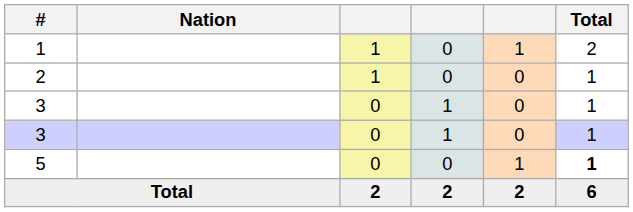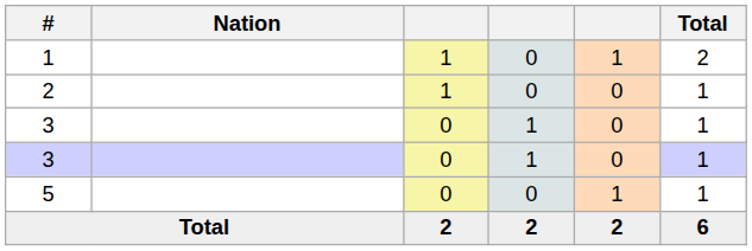 <table class=wikitable style="border:1px solid #AAAAAA;font-size:90%">
 <tr bgcolor="#EFEFEF">
 <th width=50>#</th>
 <th width=200>Nation</th>
 <th width=50></th>
 <th width=50></th>
 <th width=50></th>
 <th width=50>Total</th>
 </tr>
 <tr align="center" valign="top" bgcolor="#FFFFFF">
 <td rowspan="1" valign="center">1</td>
 <td align="left"></td>
 <td style="background:#F7F6A8;">1</td>
 <td style="background:#DCE5E5;">0</td>
 <td style="background:#FFDAB9;">1</td>
 <td>2</td>
 </tr>
 <tr align="center" valign="top" bgcolor="#FFFFFF">
 <td rowspan="1" valign="center">2</td>
 <td align="left"></td>
 <td style="background:#F7F6A8;">1</td>
 <td style="background:#DCE5E5;">0</td>
 <td style="background:#FFDAB9;">0</td>
 <td>1</td>
 </tr>
 <tr align="center" valign="top" bgcolor="#FFFFFF">
 <td valign="center">3</td>
 <td align="left"></td>
 <td style="background:#F7F6A8;">0</td>
 <td style="background:#DCE5E5;">1</td>
 <td style="background:#FFDAB9;">0</td>
 <td>1</td>
 </tr>
 <tr align="center" valign="top" bgcolor="#CFCFFF">
 <td valign="center">3</td>
 <td align="left"></td>
 <td style="background:#F7F6A8;">0</td>
 <td style="background:#DCE5E5;">1</td>
 <td style="background:#FFDAB9;">0</td>
 <td>1</td>
 </tr>
 <tr align="center" valign="top" bgcolor="#FFFFFF">
 <td rowspan="1" valign="center">5</td>
 <td align="left"></td>
 <td style="background:#F7F6A8;">0</td>
 <td style="background:#DCE5E5;">0</td>
 <td style="background:#FFDAB9;">1</td>
-<td><strong>1</strong></td>
+<td>1</td>
 </tr>
 <tr align="center" valign="top" bgcolor="#EFEFEF">
 <td colspan="2" rowspan="1" valign="center"><strong>Total</strong></td>
 <td><strong>2</strong></td>
 <td><strong>2</strong></td>
 <td><strong>2</strong></td>
 <td><strong>6</strong></td>
 </tr>
 </table>
